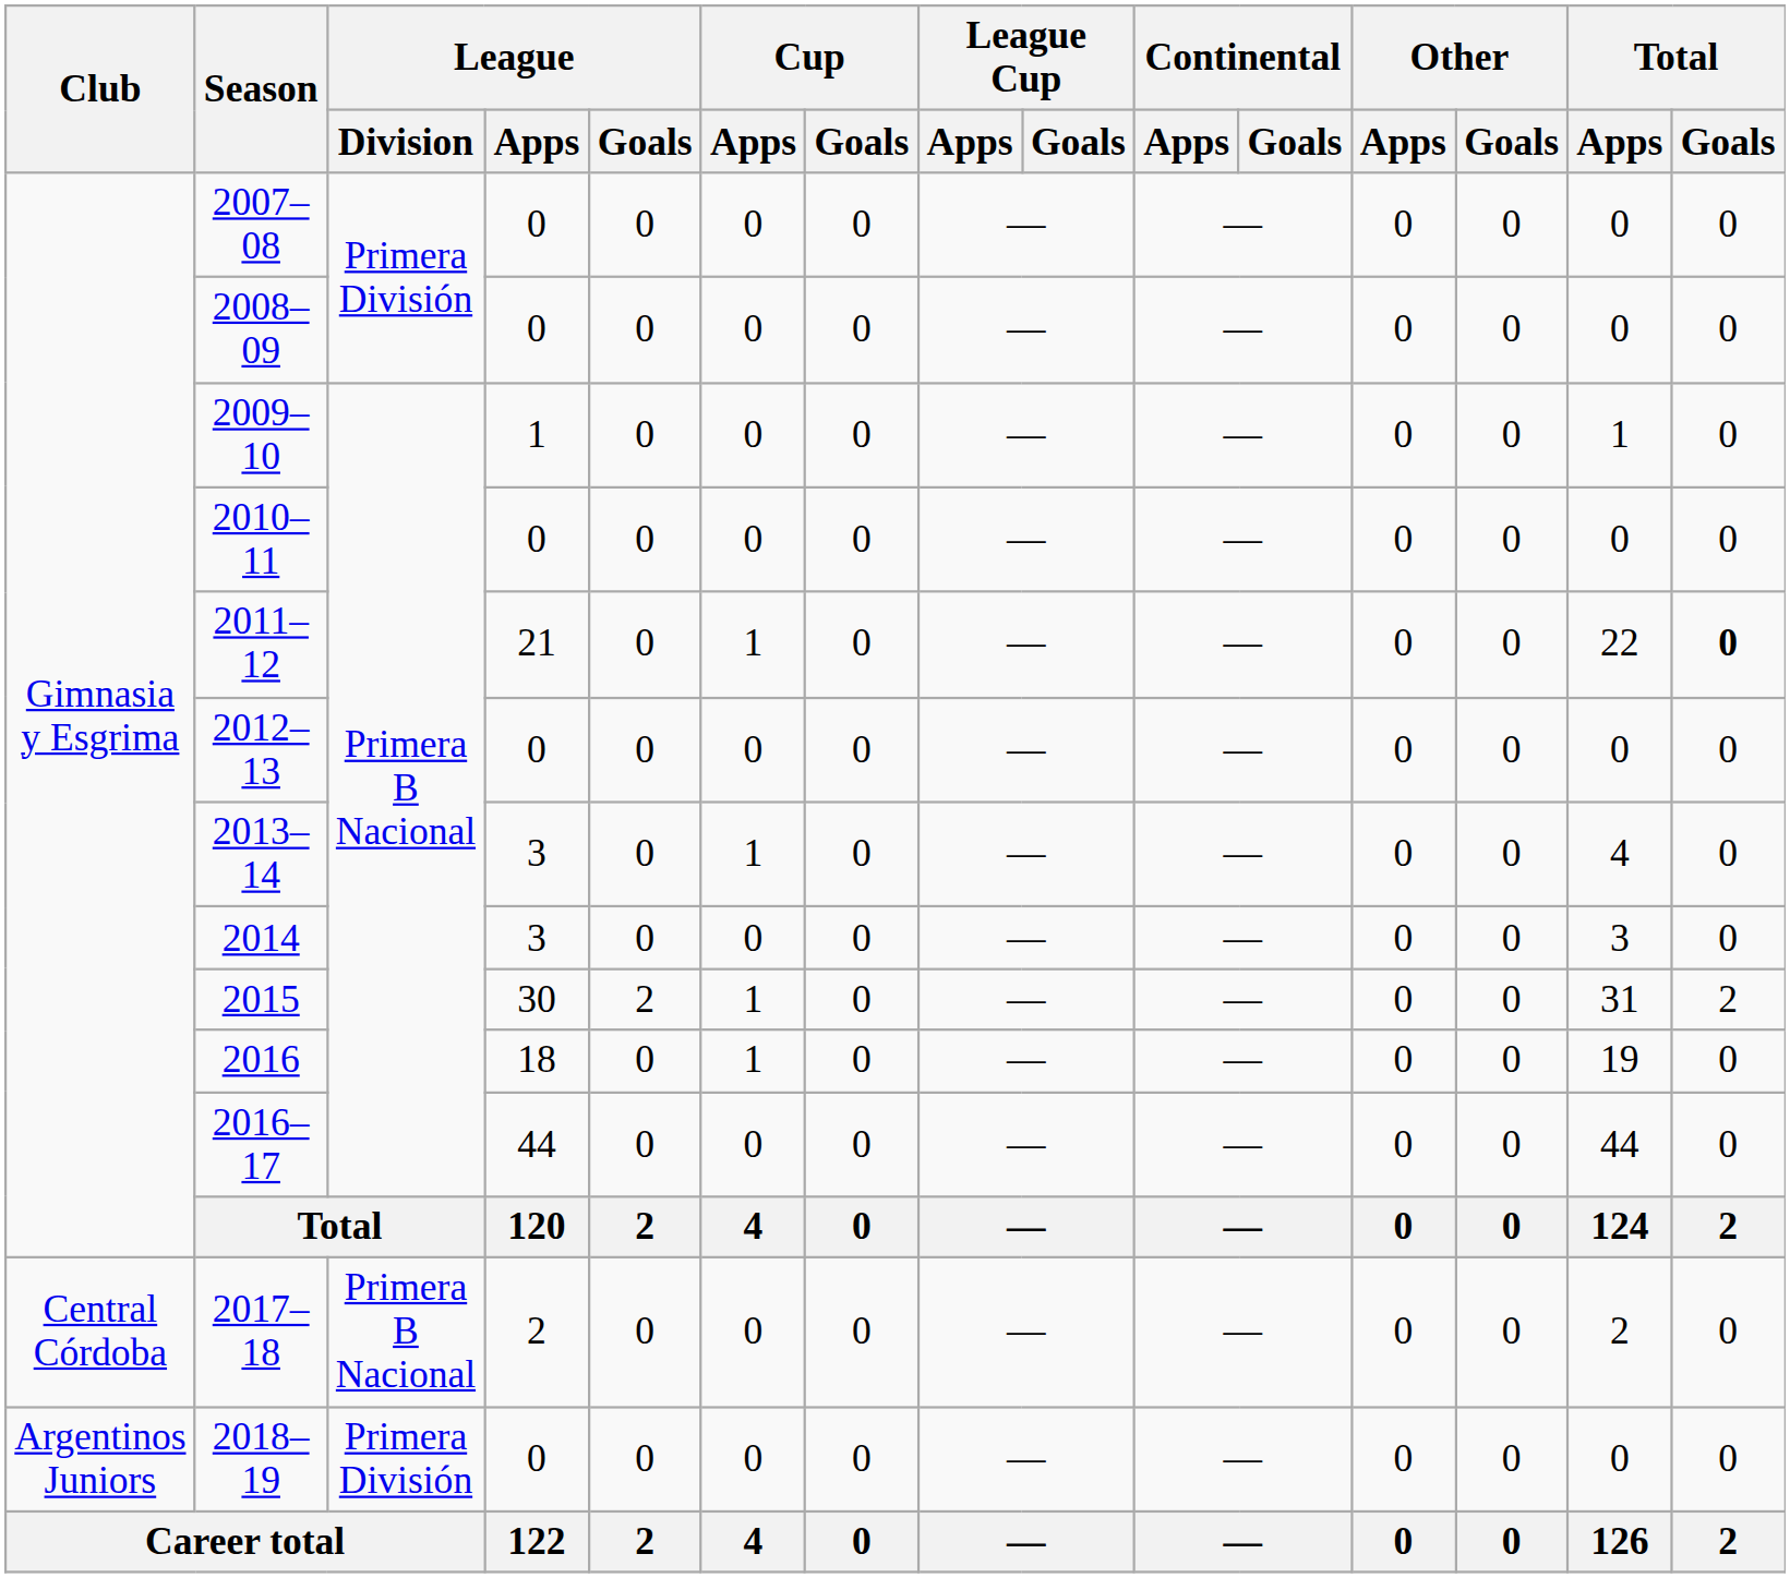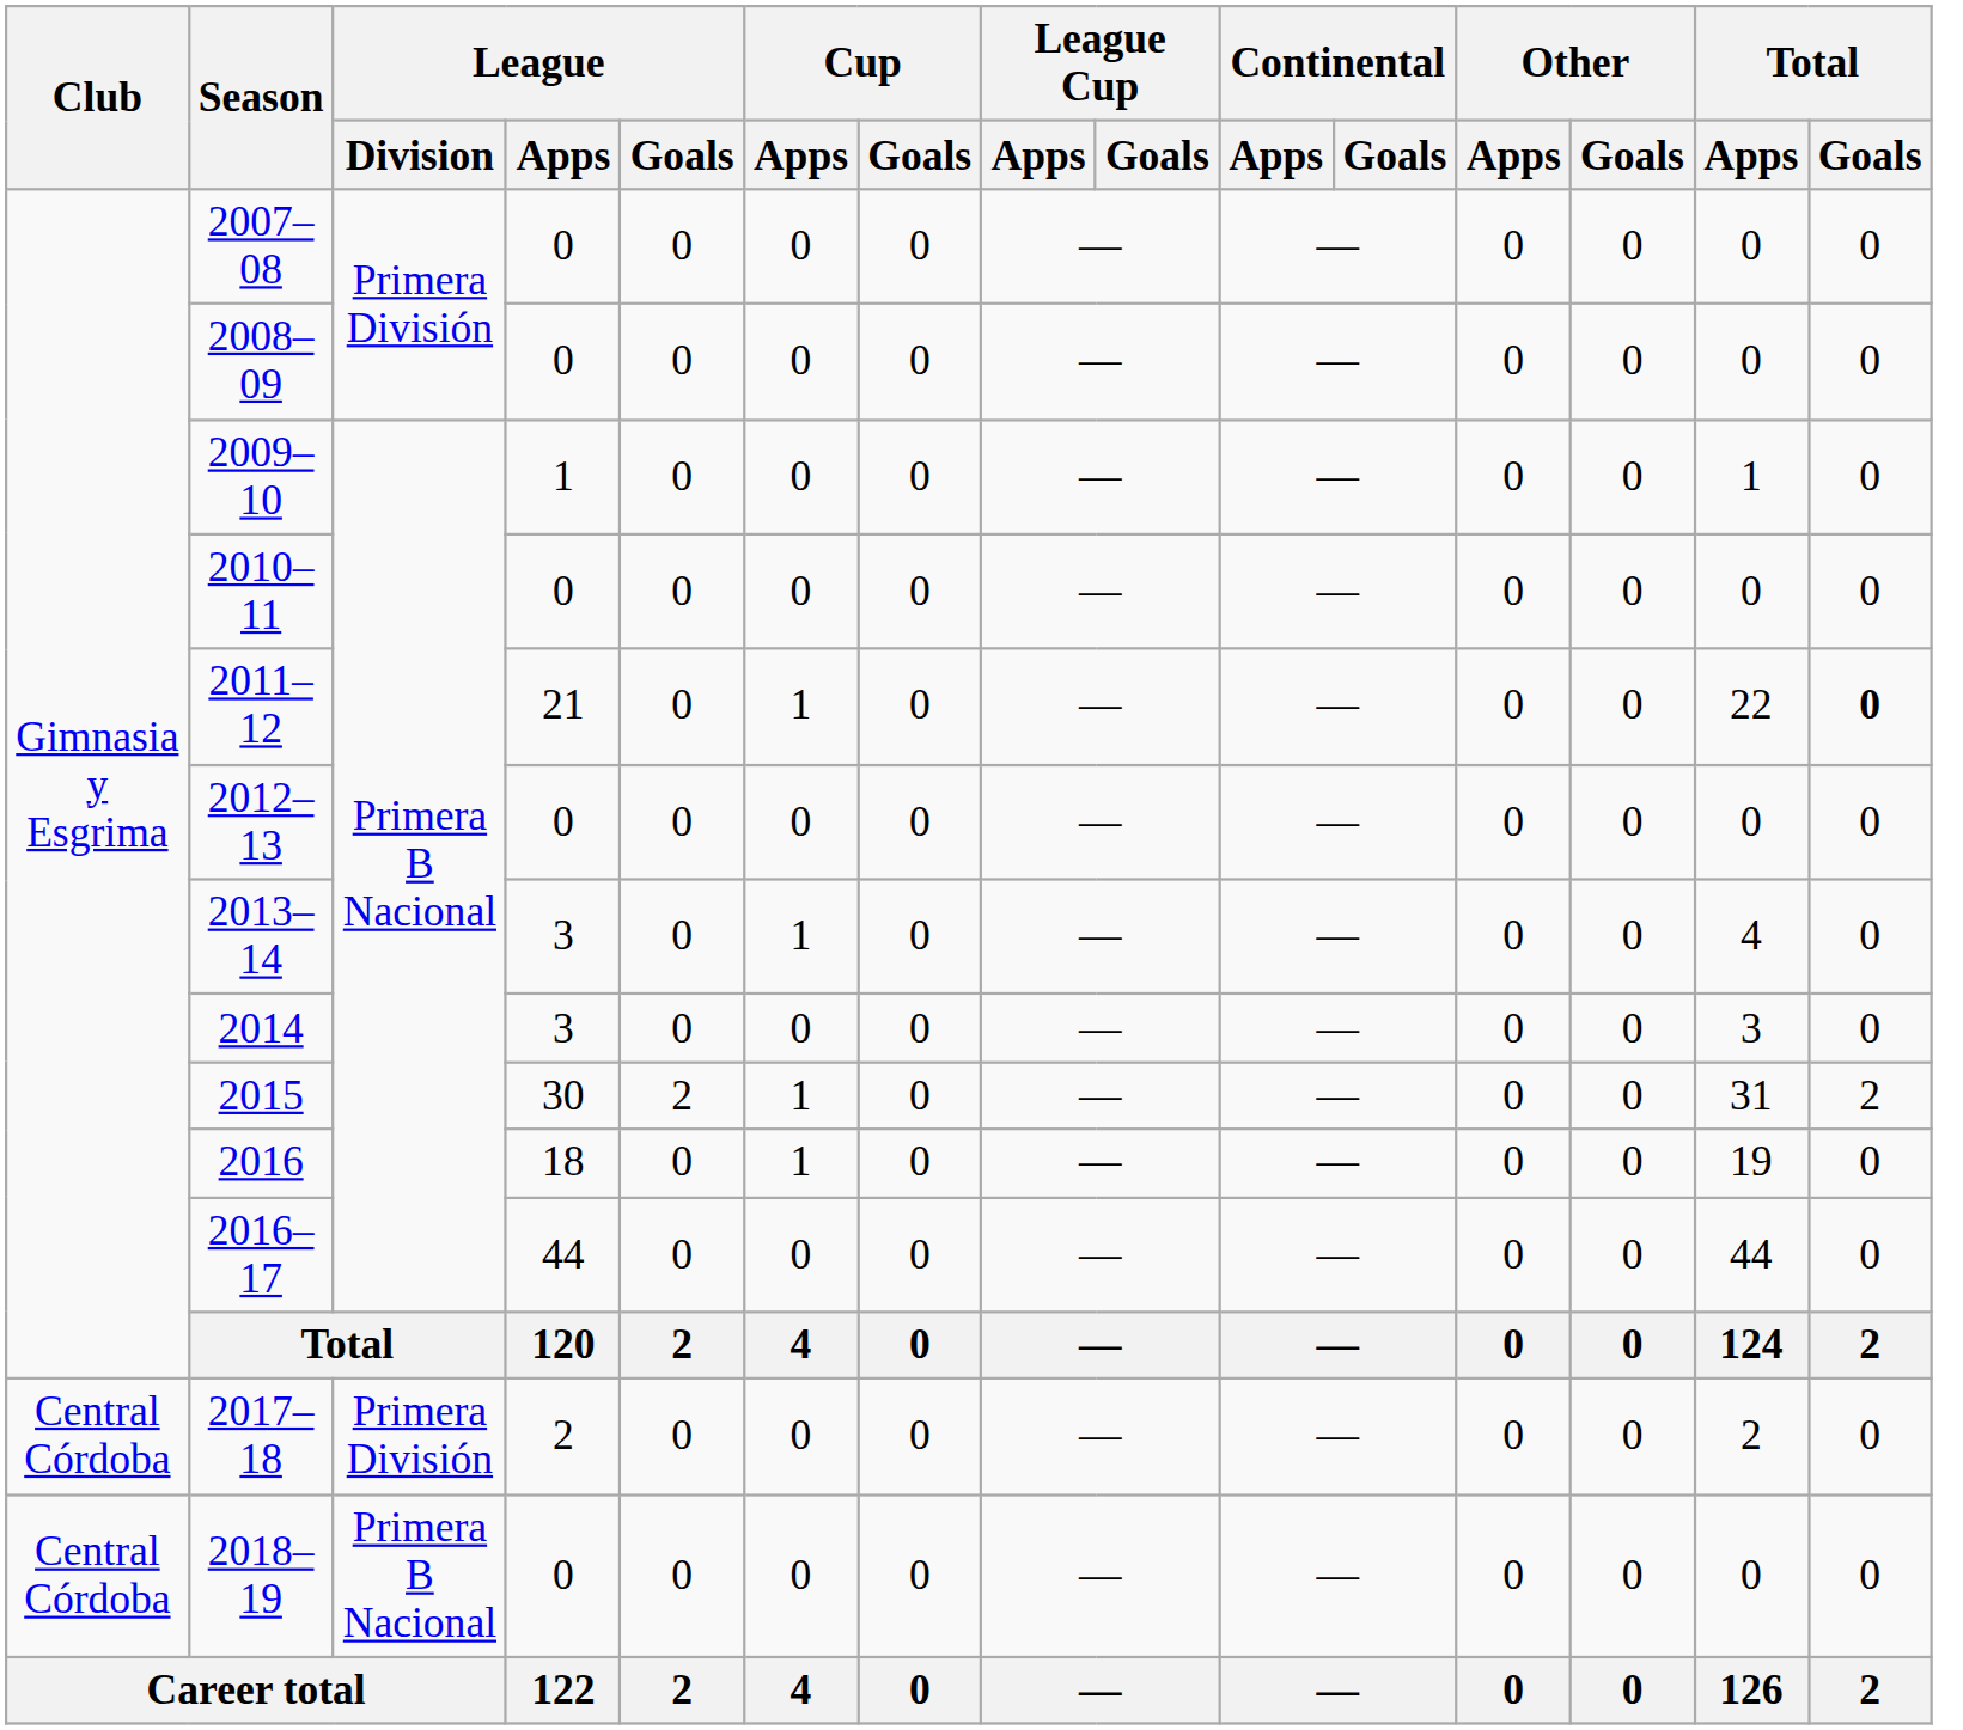 <table class="wikitable" style="text-align:center">
 <tr>
 <th rowspan="2">Club</th>
 <th rowspan="2">Season</th>
 <th colspan="3">League</th>
 <th colspan="2">Cup</th>
 <th colspan="2">League Cup</th>
 <th colspan="2">Continental</th>
 <th colspan="2">Other</th>
 <th colspan="2">Total</th>
 </tr>
 <tr>
 <th>Division</th>
 <th>Apps</th>
 <th>Goals</th>
 <th>Apps</th>
 <th>Goals</th>
 <th>Apps</th>
 <th>Goals</th>
 <th>Apps</th>
 <th>Goals</th>
 <th>Apps</th>
 <th>Goals</th>
 <th>Apps</th>
 <th>Goals</th>
 </tr>
 <tr>
 <td rowspan="12"><a href='#'>Gimnasia y Esgrima</a></td>
 <td><a href='#'>2007–08</a></td>
 <td rowspan="2"><a href='#'>Primera División</a></td>
 <td>0</td>
 <td>0</td>
 <td>0</td>
 <td>0</td>
 <td colspan="2">—</td>
 <td colspan="2">—</td>
 <td>0</td>
 <td>0</td>
 <td>0</td>
 <td>0</td>
 </tr>
 <tr>
 <td><a href='#'>2008–09</a></td>
 <td>0</td>
 <td>0</td>
 <td>0</td>
 <td>0</td>
 <td colspan="2">—</td>
 <td colspan="2">—</td>
 <td>0</td>
 <td>0</td>
 <td>0</td>
 <td>0</td>
 </tr>
 <tr>
 <td><a href='#'>2009–10</a></td>
 <td rowspan="9"><a href='#'>Primera B Nacional</a></td>
 <td>1</td>
 <td>0</td>
 <td>0</td>
 <td>0</td>
 <td colspan="2">—</td>
 <td colspan="2">—</td>
 <td>0</td>
 <td>0</td>
 <td>1</td>
 <td>0</td>
 </tr>
 <tr>
 <td><a href='#'>2010–11</a></td>
 <td>0</td>
 <td>0</td>
 <td>0</td>
 <td>0</td>
 <td colspan="2">—</td>
 <td colspan="2">—</td>
 <td>0</td>
 <td>0</td>
 <td>0</td>
 <td>0</td>
 </tr>
 <tr>
 <td><a href='#'>2011–12</a></td>
 <td>21</td>
 <td>0</td>
 <td>1</td>
 <td>0</td>
 <td colspan="2">—</td>
 <td colspan="2">—</td>
 <td>0</td>
 <td>0</td>
 <td>22</td>
 <td><strong>0</strong></td>
 </tr>
 <tr>
 <td><a href='#'>2012–13</a></td>
 <td>0</td>
 <td>0</td>
 <td>0</td>
 <td>0</td>
 <td colspan="2">—</td>
 <td colspan="2">—</td>
 <td>0</td>
 <td>0</td>
 <td>0</td>
 <td>0</td>
 </tr>
 <tr>
 <td><a href='#'>2013–14</a></td>
 <td>3</td>
 <td>0</td>
 <td>1</td>
 <td>0</td>
 <td colspan="2">—</td>
 <td colspan="2">—</td>
 <td>0</td>
 <td>0</td>
 <td>4</td>
 <td>0</td>
 </tr>
 <tr>
 <td><a href='#'>2014</a></td>
 <td>3</td>
 <td>0</td>
 <td>0</td>
 <td>0</td>
 <td colspan="2">—</td>
 <td colspan="2">—</td>
 <td>0</td>
 <td>0</td>
 <td>3</td>
 <td>0</td>
 </tr>
 <tr>
 <td><a href='#'>2015</a></td>
 <td>30</td>
 <td>2</td>
 <td>1</td>
 <td>0</td>
 <td colspan="2">—</td>
 <td colspan="2">—</td>
 <td>0</td>
 <td>0</td>
 <td>31</td>
 <td>2</td>
 </tr>
 <tr>
 <td><a href='#'>2016</a></td>
 <td>18</td>
 <td>0</td>
 <td>1</td>
 <td>0</td>
 <td colspan="2">—</td>
 <td colspan="2">—</td>
 <td>0</td>
 <td>0</td>
 <td>19</td>
 <td>0</td>
 </tr>
 <tr>
 <td><a href='#'>2016–17</a></td>
 <td>44</td>
 <td>0</td>
 <td>0</td>
 <td>0</td>
 <td colspan="2">—</td>
 <td colspan="2">—</td>
 <td>0</td>
 <td>0</td>
 <td>44</td>
 <td>0</td>
 </tr>
 <tr>
 <th colspan="2">Total</th>
 <th>120</th>
 <th>2</th>
 <th>4</th>
 <th>0</th>
 <th colspan="2">—</th>
 <th colspan="2">—</th>
 <th>0</th>
 <th>0</th>
 <th>124</th>
 <th>2</th>
 </tr>
 <tr>
 <td rowspan="1"><a href='#'>Central Córdoba</a></td>
 <td><a href='#'>2017–18</a></td>
-<td rowspan="1"><a href='#'>Primera B Nacional</a></td>
+<td rowspan="1"><a href='#'>Primera División</a></td>
 <td>2</td>
 <td>0</td>
 <td>0</td>
 <td>0</td>
 <td colspan="2">—</td>
 <td colspan="2">—</td>
 <td>0</td>
 <td>0</td>
 <td>2</td>
 <td>0</td>
 </tr>
 <tr>
-<td rowspan="1"><a href='#'>Argentinos Juniors</a></td>
+<td rowspan="1"><a href='#'>Central Córdoba</a></td>
 <td><a href='#'>2018–19</a></td>
-<td rowspan="1"><a href='#'>Primera División</a></td>
+<td rowspan="1"><a href='#'>Primera B Nacional</a></td>
 <td>0</td>
 <td>0</td>
 <td>0</td>
 <td>0</td>
 <td colspan="2">—</td>
 <td colspan="2">—</td>
 <td>0</td>
 <td>0</td>
 <td>0</td>
 <td>0</td>
 </tr>
 <tr>
 <th colspan="3">Career total</th>
 <th>122</th>
 <th>2</th>
 <th>4</th>
 <th>0</th>
 <th colspan="2">—</th>
 <th colspan="2">—</th>
 <th>0</th>
 <th>0</th>
 <th>126</th>
 <th>2</th>
 </tr>
 </table>
